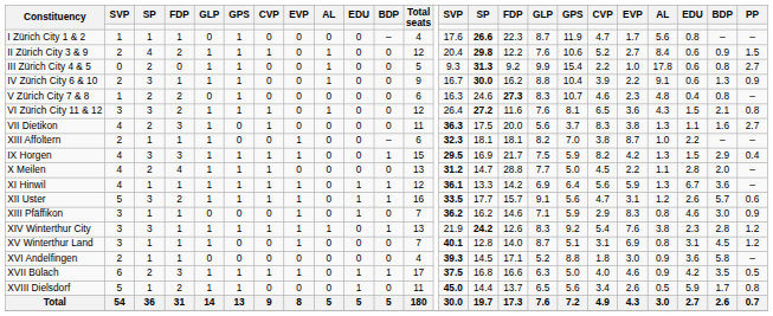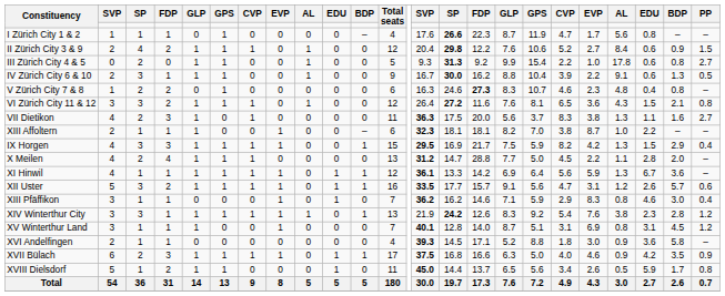 <table class="wikitable mw-datatable" style="text-align:center; font-size:85%; line-height:14px;">
 <tr>
 <th rowspan="2">Constituency</th>
 <th>SVP</th>
 <th>SP</th>
 <th>FDP</th>
 <th>GLP</th>
 <th>GPS</th>
 <th>CVP</th>
 <th>EVP</th>
 <th>AL</th>
 <th>EDU</th>
 <th>BDP</th>
 <th rowspan="2">Total<br>seats</th>
 <td style="background-color:white;" rowspan=21></td>
 <th>SVP</th>
 <th>SP</th>
 <th>FDP</th>
 <th>GLP</th>
 <th>GPS</th>
 <th>CVP</th>
 <th>EVP</th>
 <th>AL</th>
 <th>EDU</th>
 <th>BDP</th>
 <th>PP</th>
 </tr>
 <tr>
 <td style="width:35px; background-color:"></td>
 <td style="width:35px; background-color:"></td>
 <td style="width:35px; background-color:"></td>
 <td style="width:35px; background-color:"></td>
 <td style="width:35px; background-color:"></td>
 <td style="width:35px; background-color:"></td>
 <td style="width:35px; background-color:"></td>
 <td style="width:35px; background-color:"></td>
 <td style="width:35px; background-color:"></td>
 <td style="width:35px; background-color:"></td>
 <td style="width:35px; background-color:"></td>
 <td style="width:35px; background-color:"></td>
 <td style="width:35px; background-color:"></td>
 <td style="width:35px; background-color:"></td>
 <td style="width:35px; background-color:"></td>
 <td style="width:35px; background-color:"></td>
 <td style="width:35px; background-color:"></td>
 <td style="width:35px; background-color:"></td>
 <td style="width:35px; background-color:"></td>
 <td style="width:35px; background-color:"></td>
 <td style="width:35px; background-color:"></td>
 </tr>
 <tr>
 <td align="left">I Zürich City 1 & 2</td>
 <td>1</td>
 <td>1</td>
 <td>1</td>
 <td>0</td>
 <td>1</td>
 <td>0</td>
 <td>0</td>
 <td>0</td>
 <td>0</td>
 <td>–</td>
 <td>4</td>
 <td>17.6</td>
 <td style="background-color:#"><strong>26.6</strong></td>
 <td>22.3</td>
 <td>8.7</td>
 <td>11.9</td>
 <td>4.7</td>
 <td>1.7</td>
 <td>5.6</td>
 <td>0.8</td>
 <td>–</td>
 <td>–</td>
 </tr>
 <tr>
 <td align="left">II Zürich City 3 & 9</td>
 <td>2</td>
 <td>4</td>
 <td>2</td>
 <td>1</td>
 <td>1</td>
 <td>1</td>
 <td>0</td>
 <td>1</td>
 <td>0</td>
 <td>0</td>
 <td>12</td>
 <td>20.4</td>
 <td style="background-color:#"><strong>29.8</strong></td>
 <td>12.2</td>
 <td>7.6</td>
 <td>10.6</td>
 <td>5.2</td>
 <td>2.7</td>
 <td>8.4</td>
 <td>0.6</td>
 <td>0.9</td>
 <td>1.5</td>
 </tr>
 <tr>
 <td align="left">III Zürich City 4 & 5</td>
 <td>0</td>
 <td>2</td>
 <td>0</td>
 <td>1</td>
 <td>1</td>
 <td>0</td>
 <td>0</td>
 <td>1</td>
 <td>0</td>
 <td>0</td>
 <td>5</td>
 <td>9.3</td>
 <td style="background-color:#"><strong>31.3</strong></td>
 <td>9.2</td>
 <td>9.9</td>
 <td>15.4</td>
 <td>2.2</td>
 <td>1.0</td>
 <td>17.8</td>
 <td>0.6</td>
 <td>0.8</td>
 <td>2.7</td>
 </tr>
 <tr>
 <td align="left">IV Zürich City 6 & 10</td>
 <td>2</td>
 <td>3</td>
 <td>1</td>
 <td>1</td>
 <td>1</td>
 <td>0</td>
 <td>0</td>
 <td>1</td>
 <td>0</td>
 <td>0</td>
 <td>9</td>
 <td>16.7</td>
 <td style="background-color:#"><strong>30.0</strong></td>
 <td>16.2</td>
 <td>8.8</td>
 <td>10.4</td>
 <td>3.9</td>
 <td>2.2</td>
 <td>9.1</td>
 <td>0.6</td>
 <td>1.3</td>
-<td>0.9</td>
+<td>0.5</td>
 </tr>
 <tr>
 <td align="left">V Zürich City 7 & 8</td>
 <td>1</td>
 <td>2</td>
 <td>2</td>
 <td>0</td>
 <td>1</td>
 <td>0</td>
 <td>0</td>
 <td>0</td>
 <td>0</td>
 <td>0</td>
 <td>6</td>
 <td>16.3</td>
 <td>24.6</td>
 <td style="background-color:#"><strong>27.3</strong></td>
 <td>8.3</td>
 <td>10.7</td>
 <td>4.6</td>
 <td>2.3</td>
 <td>4.8</td>
 <td>0.4</td>
 <td>0.8</td>
 <td>–</td>
 </tr>
 <tr>
 <td align="left">VI Zürich City 11 & 12</td>
 <td>3</td>
 <td>3</td>
 <td>2</td>
 <td>1</td>
 <td>1</td>
 <td>1</td>
 <td>0</td>
 <td>1</td>
 <td>0</td>
 <td>0</td>
 <td>12</td>
 <td>26.4</td>
 <td style="background-color:#"><strong>27.2</strong></td>
 <td>11.6</td>
 <td>7.6</td>
 <td>8.1</td>
 <td>6.5</td>
 <td>3.6</td>
 <td>4.3</td>
 <td>1.5</td>
 <td>2.1</td>
 <td>0.8</td>
 </tr>
 <tr>
 <td align="left">VII Dietikon</td>
 <td>4</td>
 <td>2</td>
 <td>3</td>
 <td>1</td>
 <td>0</td>
 <td>1</td>
 <td>0</td>
 <td>0</td>
 <td>0</td>
 <td>0</td>
 <td>11</td>
 <td style="background-color:#"><strong>36.3</strong></td>
 <td>17.5</td>
 <td>20.0</td>
 <td>5.6</td>
 <td>3.7</td>
 <td>8.3</td>
 <td>3.8</td>
 <td>1.3</td>
 <td>1.1</td>
 <td>1.6</td>
 <td>2.7</td>
 </tr>
 <tr>
 <td align="left">XIII Affoltern</td>
 <td>2</td>
 <td>1</td>
 <td>1</td>
 <td>1</td>
 <td>0</td>
 <td>0</td>
 <td>1</td>
 <td>0</td>
 <td>0</td>
 <td>–</td>
 <td>6</td>
 <td style="background-color:#"><strong>32.3</strong></td>
 <td>18.1</td>
 <td>18.1</td>
 <td>8.2</td>
 <td>7.0</td>
 <td>3.8</td>
 <td>8.7</td>
 <td>1.0</td>
 <td>2.2</td>
 <td>–</td>
 <td>–</td>
 </tr>
 <tr>
 <td align="left">IX Horgen</td>
 <td>4</td>
 <td>3</td>
 <td>3</td>
 <td>1</td>
 <td>1</td>
 <td>1</td>
 <td>1</td>
 <td>0</td>
 <td>0</td>
 <td>1</td>
 <td>15</td>
 <td style="background-color:#"><strong>29.5</strong></td>
 <td>16.9</td>
 <td>21.7</td>
 <td>7.5</td>
 <td>5.9</td>
 <td>8.2</td>
 <td>4.2</td>
 <td>1.3</td>
 <td>1.5</td>
 <td>2.9</td>
 <td>0.4</td>
 </tr>
 <tr>
 <td align="left">X Meilen</td>
 <td>4</td>
 <td>2</td>
 <td>4</td>
 <td>1</td>
 <td>1</td>
 <td>1</td>
 <td>0</td>
 <td>0</td>
 <td>0</td>
 <td>0</td>
 <td>13</td>
 <td style="background-color:#"><strong>31.2</strong></td>
 <td>14.7</td>
 <td>28.8</td>
 <td>7.7</td>
 <td>5.0</td>
 <td>4.5</td>
 <td>2.2</td>
 <td>1.1</td>
 <td>2.8</td>
 <td>2.0</td>
 <td>–</td>
 </tr>
 <tr>
 <td align="left">XI Hinwil</td>
 <td>4</td>
 <td>1</td>
 <td>1</td>
 <td>1</td>
 <td>1</td>
 <td>1</td>
 <td>1</td>
 <td>0</td>
 <td>1</td>
 <td>1</td>
 <td>12</td>
 <td style="background-color:#"><strong>36.1</strong></td>
 <td>13.3</td>
 <td>14.2</td>
 <td>6.9</td>
 <td>6.4</td>
 <td>5.6</td>
 <td>5.9</td>
 <td>1.3</td>
 <td>6.7</td>
 <td>3.6</td>
 <td>–</td>
 </tr>
 <tr>
 <td align="left">XII Uster</td>
 <td>5</td>
 <td>3</td>
 <td>2</td>
 <td>1</td>
 <td>1</td>
 <td>1</td>
 <td>1</td>
 <td>0</td>
 <td>1</td>
 <td>1</td>
 <td>16</td>
 <td style="background-color:#"><strong>33.5</strong></td>
 <td>17.7</td>
 <td>15.7</td>
 <td>9.1</td>
 <td>5.6</td>
 <td>4.7</td>
 <td>3.1</td>
 <td>1.2</td>
 <td>2.6</td>
 <td>5.7</td>
 <td>0.6</td>
 </tr>
 <tr>
 <td align="left">XIII Pfäffikon</td>
 <td>3</td>
 <td>1</td>
 <td>1</td>
 <td>0</td>
 <td>0</td>
 <td>0</td>
 <td>1</td>
 <td>0</td>
 <td>1</td>
 <td>0</td>
 <td>7</td>
 <td style="background-color:#"><strong>36.2</strong></td>
 <td>16.2</td>
 <td>14.6</td>
 <td>7.1</td>
 <td>5.9</td>
 <td>2.9</td>
 <td>8.3</td>
 <td>0.8</td>
 <td>4.6</td>
 <td>3.0</td>
-<td>0.9</td>
+<td>0.4</td>
 </tr>
 <tr>
 <td align="left">XIV Winterthur City</td>
 <td>3</td>
 <td>3</td>
 <td>1</td>
 <td>1</td>
 <td>1</td>
 <td>1</td>
 <td>1</td>
 <td>1</td>
 <td>0</td>
 <td>1</td>
 <td>13</td>
 <td>21.9</td>
 <td style="background-color:#"><strong>24.2</strong></td>
 <td>12.6</td>
 <td>8.3</td>
 <td>9.2</td>
 <td>5.4</td>
 <td>7.6</td>
 <td>3.8</td>
 <td>2.3</td>
 <td>2.8</td>
 <td>1.2</td>
 </tr>
 <tr>
 <td align="left">XV Winterthur Land</td>
 <td>3</td>
 <td>1</td>
 <td>1</td>
 <td>1</td>
 <td>0</td>
 <td>0</td>
 <td>1</td>
 <td>0</td>
 <td>0</td>
 <td>0</td>
 <td>7</td>
 <td style="background-color:#"><strong>40.1</strong></td>
 <td>12.8</td>
 <td>14.0</td>
 <td>8.7</td>
 <td>5.1</td>
 <td>3.1</td>
 <td>6.9</td>
 <td>0.8</td>
 <td>3.1</td>
 <td>4.5</td>
 <td>1.2</td>
 </tr>
 <tr>
 <td align="left">XVI Andelfingen</td>
 <td>2</td>
 <td>1</td>
 <td>1</td>
 <td>0</td>
 <td>0</td>
 <td>0</td>
 <td>0</td>
 <td>0</td>
 <td>0</td>
 <td>0</td>
 <td>4</td>
 <td style="background-color:#"><strong>39.3</strong></td>
 <td>14.5</td>
 <td>17.1</td>
 <td>5.2</td>
 <td>8.8</td>
 <td>1.8</td>
 <td>3.0</td>
 <td>0.9</td>
 <td>3.6</td>
 <td>5.8</td>
 <td>–</td>
 </tr>
 <tr>
 <td align="left">XVII Bülach</td>
 <td>6</td>
 <td>2</td>
 <td>3</td>
 <td>1</td>
 <td>1</td>
 <td>1</td>
 <td>1</td>
 <td>0</td>
 <td>1</td>
 <td>1</td>
 <td>17</td>
 <td style="background-color:#"><strong>37.5</strong></td>
 <td>16.8</td>
 <td>16.6</td>
 <td>6.3</td>
 <td>5.0</td>
 <td>4.0</td>
 <td>4.6</td>
 <td>0.9</td>
 <td>4.2</td>
 <td>3.5</td>
-<td>0.5</td>
+<td>0.9</td>
 </tr>
 <tr>
 <td align="left">XVIII Dielsdorf</td>
 <td>5</td>
 <td>1</td>
 <td>2</td>
 <td>1</td>
 <td>1</td>
 <td>0</td>
 <td>0</td>
 <td>0</td>
 <td>1</td>
 <td>0</td>
 <td>11</td>
 <td style="background-color:#"><strong>45.0</strong></td>
 <td>14.4</td>
 <td>13.7</td>
 <td>6.5</td>
 <td>5.6</td>
 <td>3.4</td>
 <td>2.6</td>
 <td>0.5</td>
 <td>5.9</td>
 <td>1.7</td>
 <td>0.8</td>
 </tr>
 <tr>
 <th>Total</th>
 <th>54</th>
 <th>36</th>
 <th>31</th>
 <th>14</th>
 <th>13</th>
 <th>9</th>
 <th>8</th>
 <th>5</th>
 <th>5</th>
 <th>5</th>
 <th>180</th>
 <th style="background-color:#">30.0</th>
 <th>19.7</th>
 <th>17.3</th>
 <th>7.6</th>
 <th>7.2</th>
 <th>4.9</th>
 <th>4.3</th>
 <th>3.0</th>
 <th>2.7</th>
 <th>2.6</th>
 <th>0.7</th>
 </tr>
 <tr>
 </tr>
 </table>
